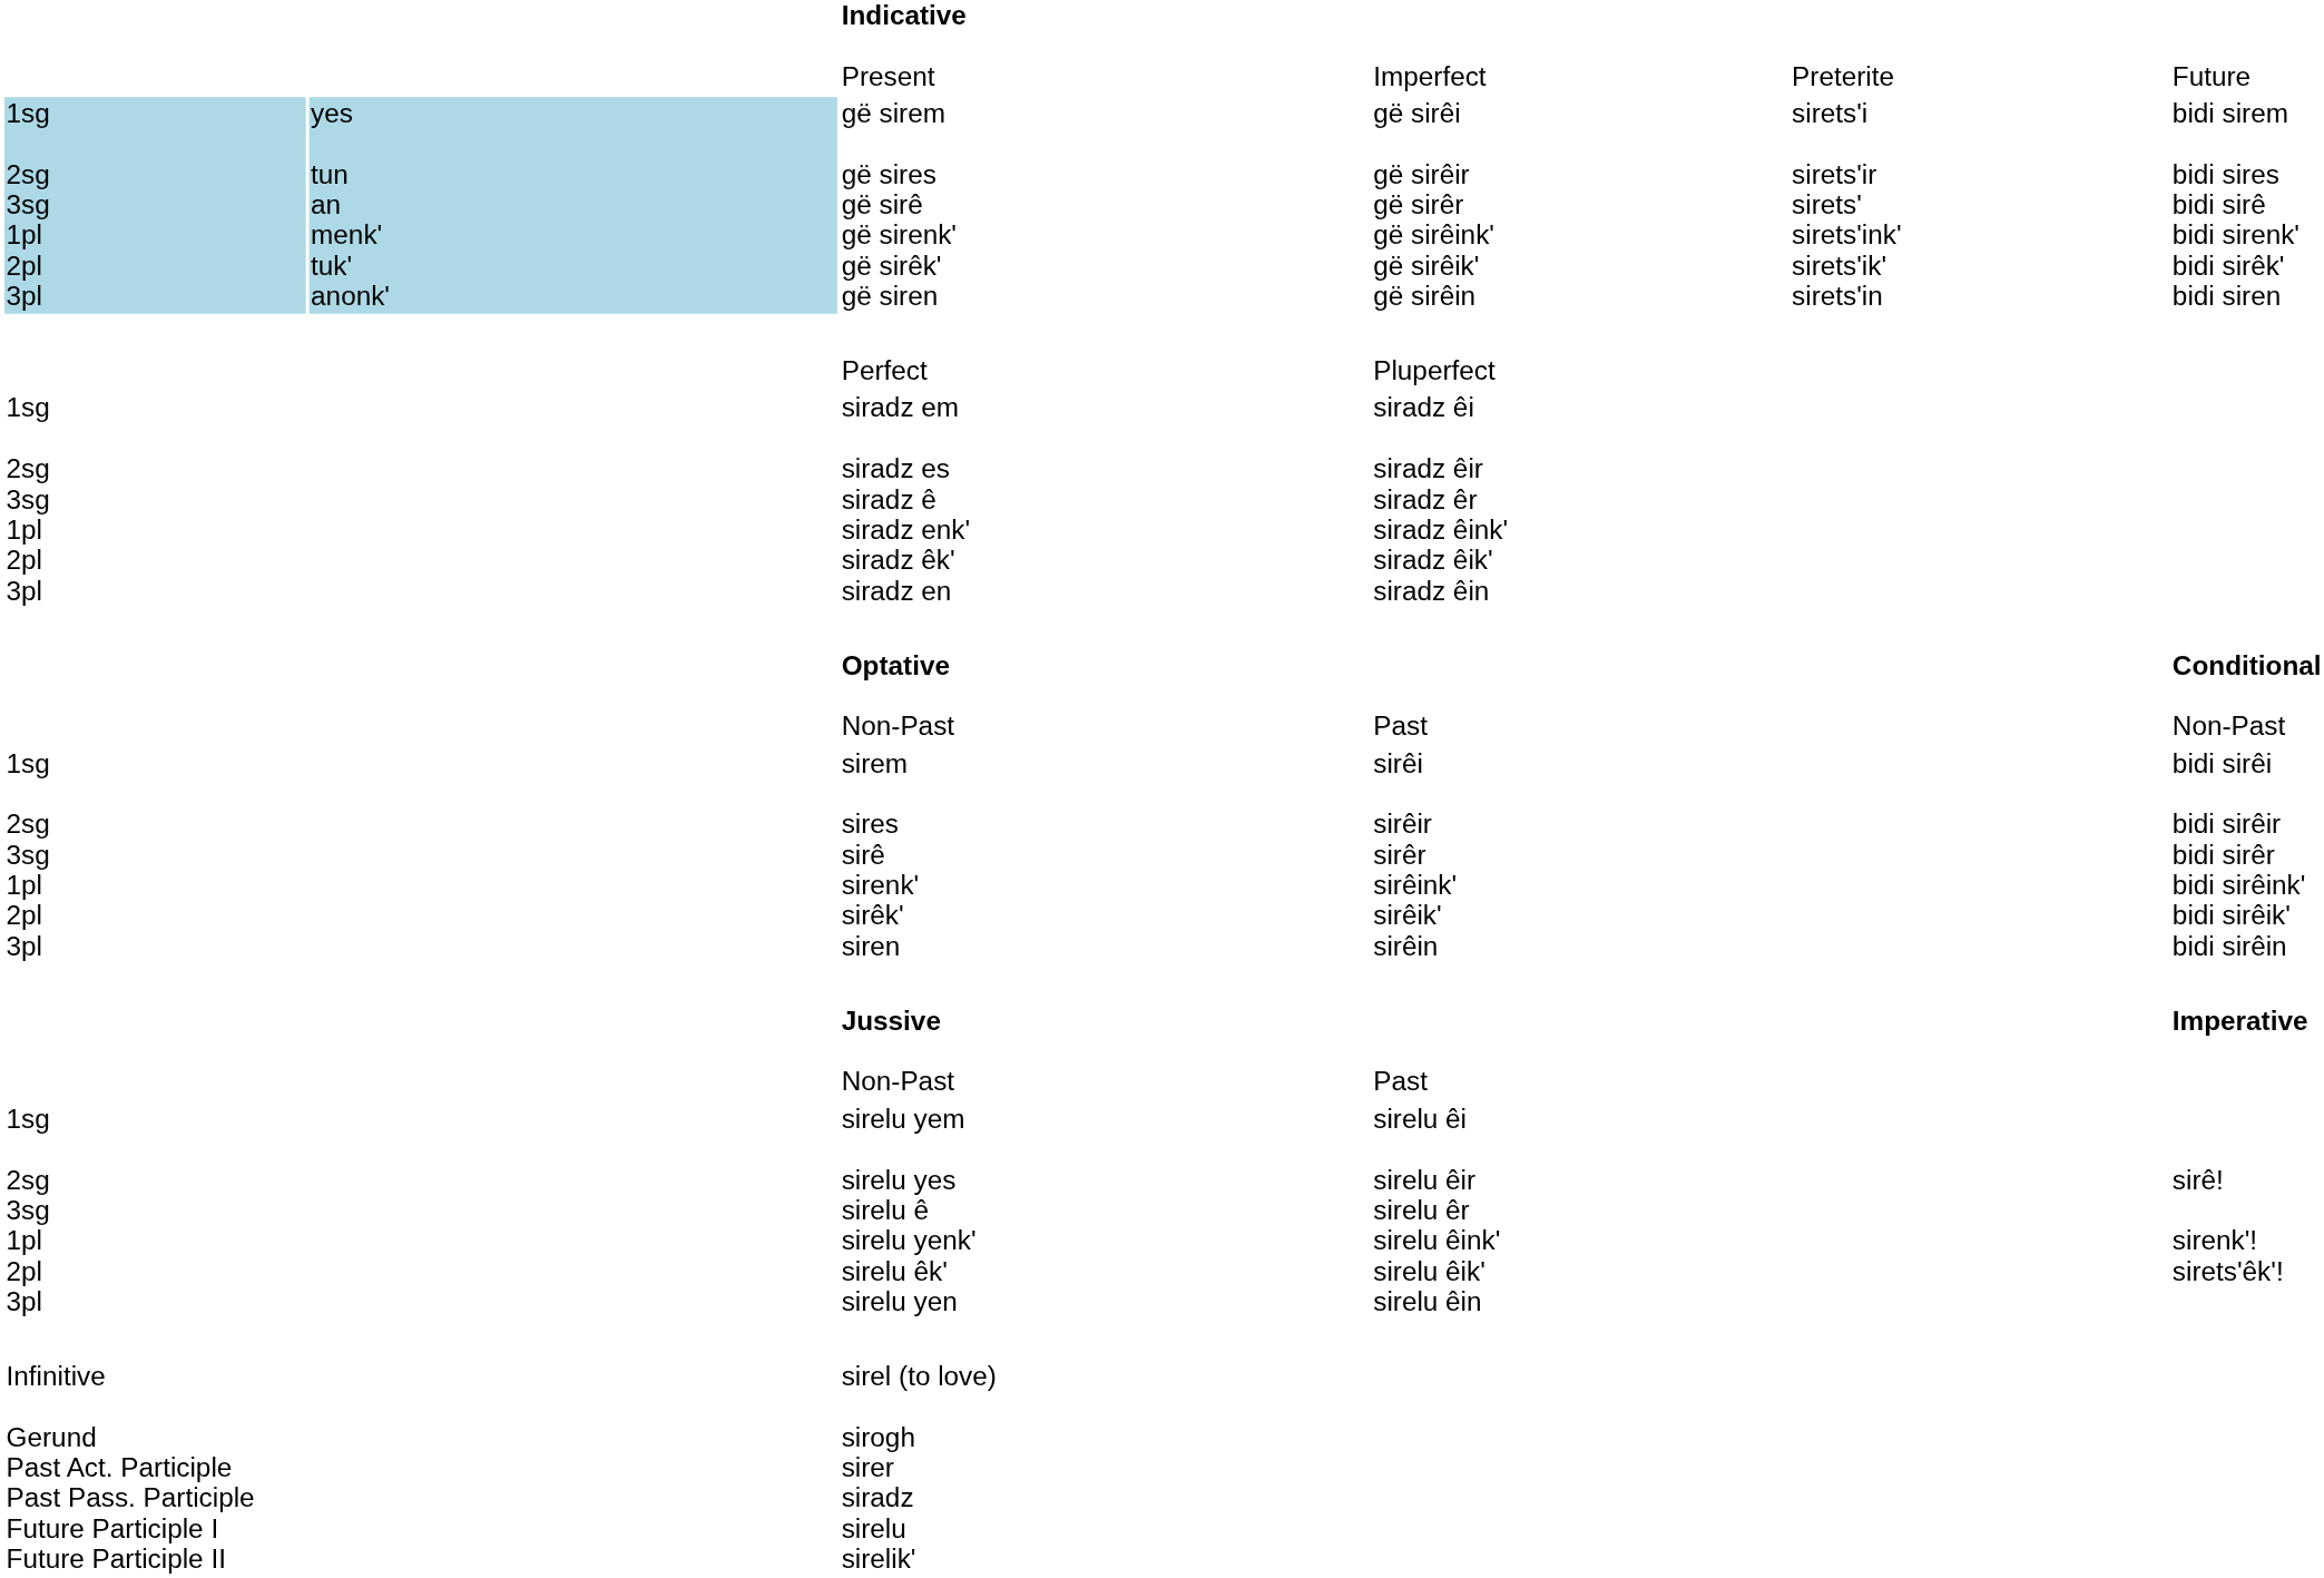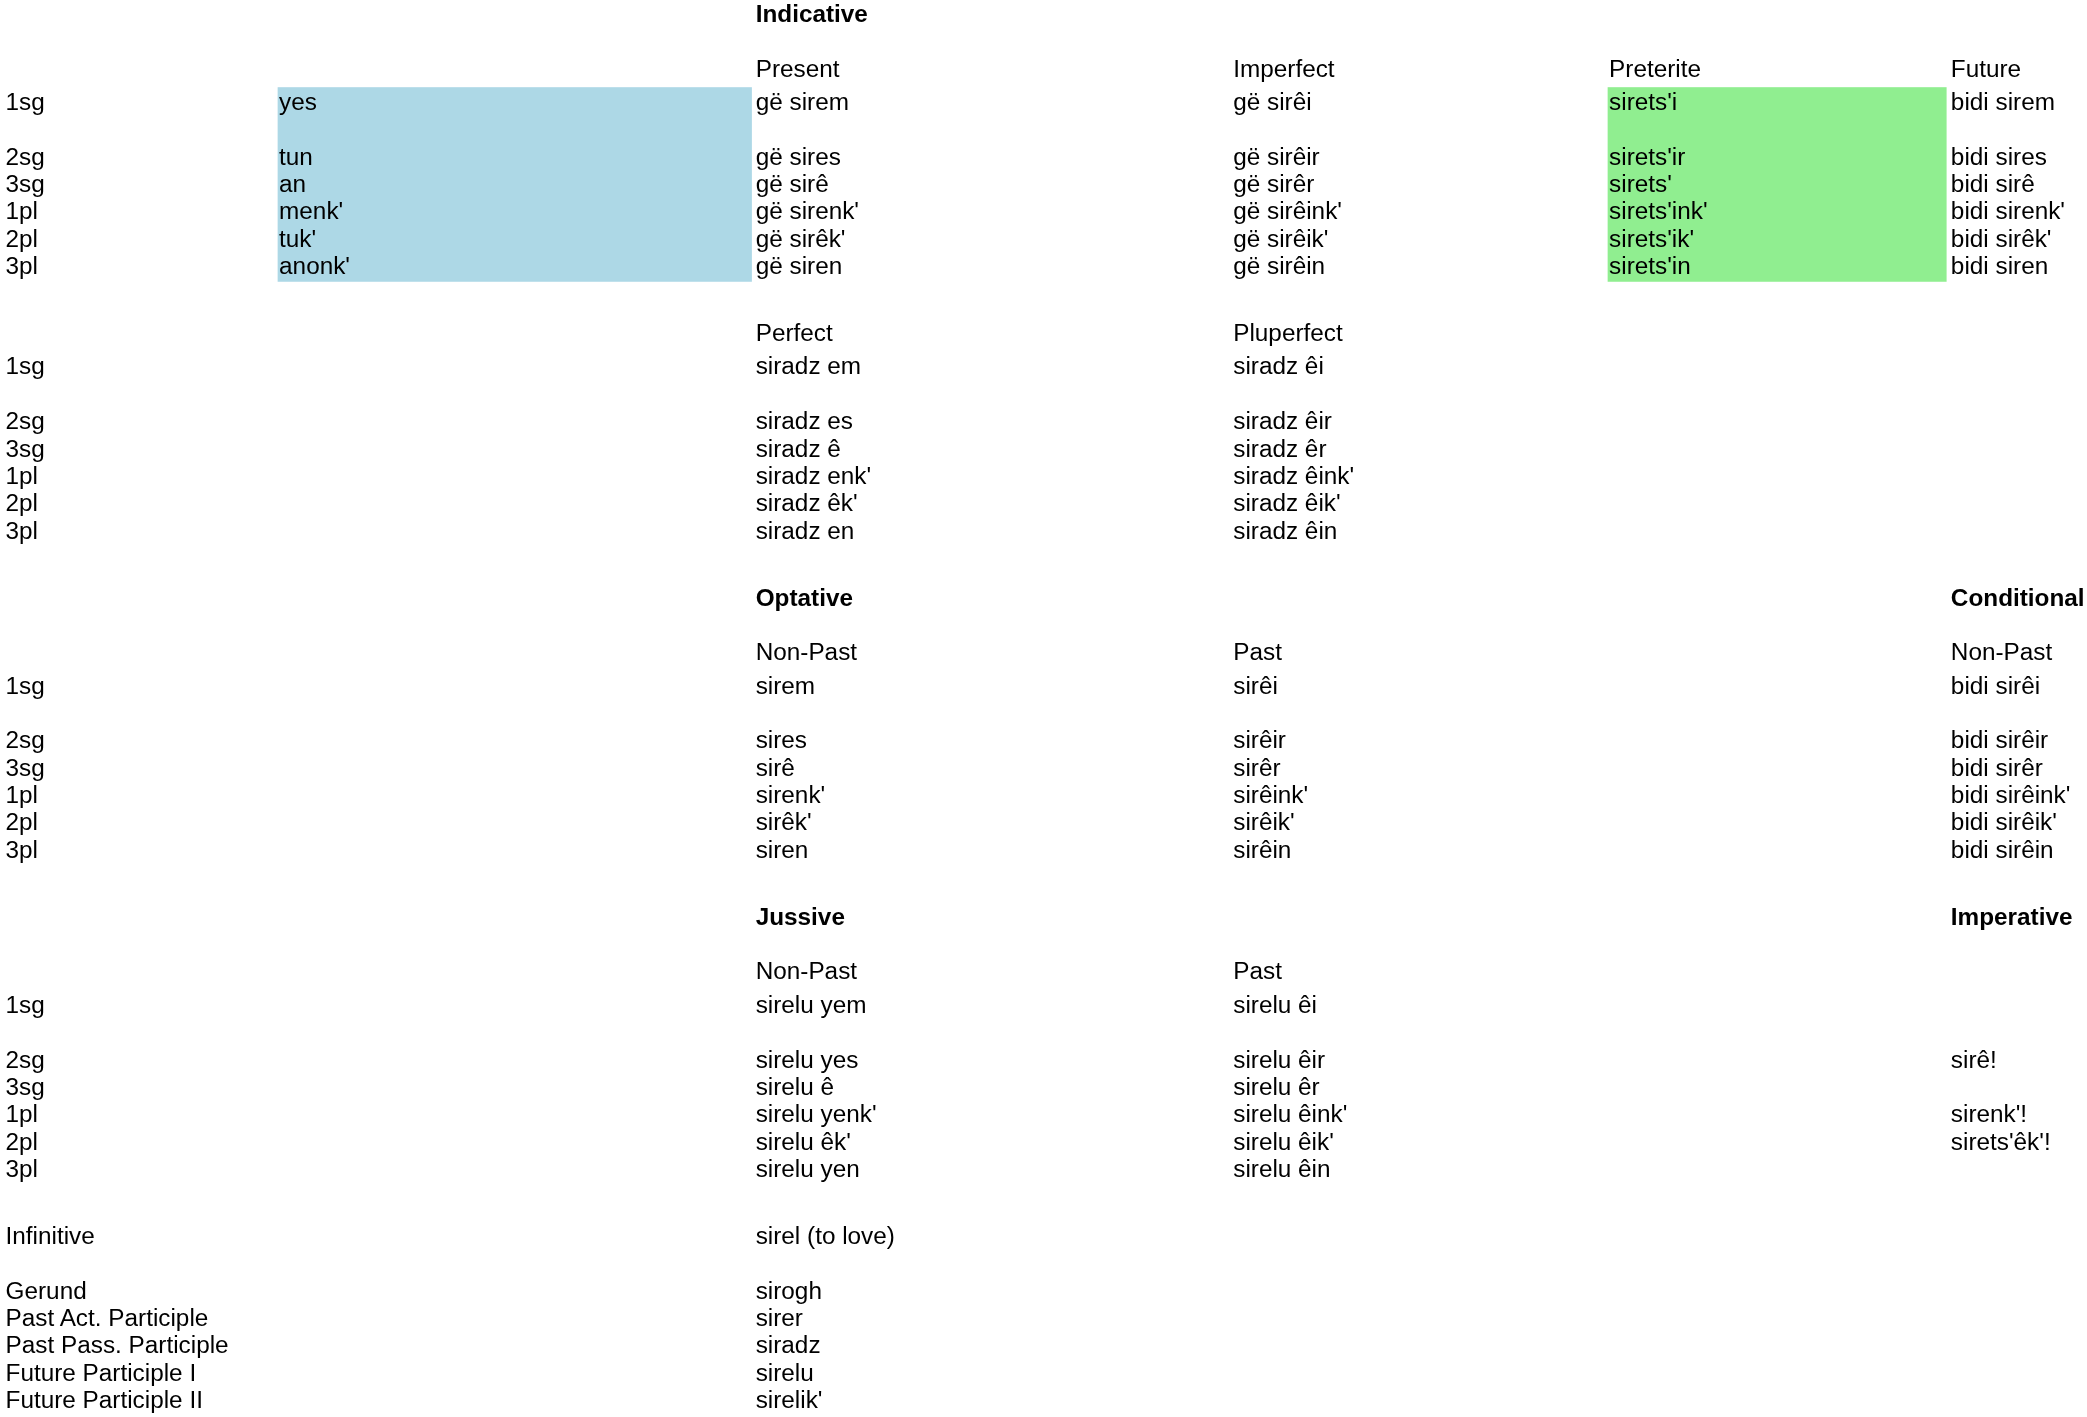 <table border=0 width=100%>
 <tr valign=bottom>
 <td colspan=2> </td>
 <td><strong>Indicative</strong><br><br>Present</td>
 <td>Imperfect</td>
 <td>Preterite</td>
 <td>Future</td>
 </tr>
 <tr>
-<td style="background: lightblue;">1sg<br><br>2sg <br>3sg <br>1pl <br>2pl <br>3pl</td>
+<td>1sg<br><br>2sg <br>3sg <br>1pl <br>2pl <br>3pl</td>
 <td style="background: lightblue;">yes<br><br>tun <br>an <br>menk' <br>tuk' <br>anonk'</td>
 <td>gë sirem<br><br>gë sires <br>gë sirê <br>gë sirenk' <br>gë sirêk' <br>gë siren</td>
 <td>gë sirêi<br><br>gë sirêir <br>gë sirêr <br>gë sirêink' <br>gë sirêik' <br>gë sirêin</td>
-<td>sirets'i<br><br>sirets'ir <br>sirets' <br>sirets'ink' <br>sirets'ik' <br>sirets'in</td>
+<td style="background: lightgreen;">sirets'i<br><br>sirets'ir <br>sirets' <br>sirets'ink' <br>sirets'ik' <br>sirets'in</td>
 <td>bidi sirem<br><br>bidi sires <br>bidi sirê <br>bidi sirenk' <br>bidi sirêk' <br>bidi siren</td>
 </tr>
 <tr>
 <td> </td>
 </tr>
 <tr>
 <td colspan=2> </td>
 <td>Perfect</td>
 <td colspan=2>Pluperfect</td>
 </tr>
 <tr>
 <td colspan=2>1sg<br><br>2sg <br>3sg <br>1pl <br>2pl <br>3pl</td>
 <td>siradz em<br><br>siradz es <br>siradz ê <br>siradz enk' <br>siradz êk' <br>siradz en</td>
 <td colspan=2>siradz êi<br><br>siradz êir <br>siradz êr <br>siradz êink' <br>siradz êik' <br>siradz êin</td>
 </tr>
 <tr>
 <td> </td>
 </tr>
 <tr valign=bottom>
 <td colspan=2> </td>
 <td><strong>Optative</strong><br><br>Non-Past</td>
 <td colspan=2>Past</td>
 <td><strong>Conditional</strong><br><br>Non-Past</td>
 </tr>
 <tr>
 <td colspan=2>1sg<br><br>2sg <br>3sg <br>1pl <br>2pl <br>3pl</td>
 <td>sirem<br><br>sires <br>sirê <br>sirenk' <br>sirêk' <br>siren</td>
 <td colspan=2>sirêi<br><br>sirêir <br>sirêr <br>sirêink' <br>sirêik' <br>sirêin</td>
 <td colspan=2>bidi sirêi<br><br>bidi sirêir <br>bidi sirêr <br>bidi sirêink' <br>bidi sirêik' <br>bidi sirêin</td>
 </tr>
 <tr>
 <td> </td>
 </tr>
 <tr valign=bottom>
 <td colspan=2> </td>
 <td><strong>Jussive</strong><br><br>Non-Past</td>
 <td colspan=2>Past</td>
 <td><strong>Imperative</strong><br><br> </td>
 </tr>
 <tr>
 <td colspan=2>1sg<br><br>2sg <br>3sg <br>1pl <br>2pl <br>3pl</td>
 <td>sirelu yem<br><br>sirelu yes <br>sirelu ê <br>sirelu yenk' <br>sirelu êk' <br>sirelu yen</td>
 <td colspan=2>sirelu êi<br><br>sirelu êir <br>sirelu êr <br>sirelu êink' <br>sirelu êik' <br>sirelu êin</td>
 <td> <br><br>sirê! <br>  <br>sirenk'! <br>sirets'êk'! <br> </td>
 </tr>
 <tr>
 <td> </td>
 </tr>
 <tr>
 <td colspan=2>Infinitive<br><br>Gerund <br>Past Act. Participle <br>Past Pass. Participle <br>Future Participle I <br>Future Participle II</td>
 <td>sirel (to love)<br><br>sirogh <br>sirer <br>siradz <br>sirelu <br>sirelik'</td>
 </tr>
 </table>
